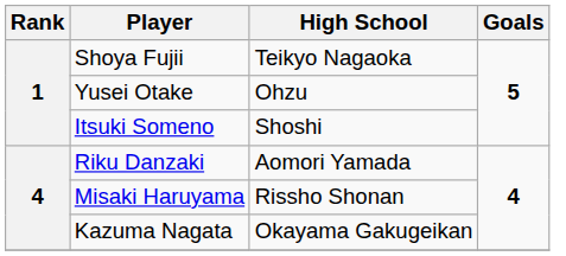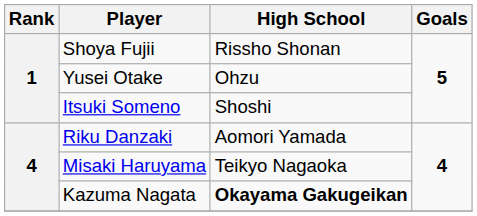 <table class="wikitable" style="text-align:center">
 <tr>
 <th>Rank</th>
 <th>Player</th>
 <th>High School</th>
 <th>Goals</th>
 </tr>
 <tr>
 <th rowspan=3>1</th>
 <td align="left"> Shoya Fujii</td>
-<td align="left">Teikyo Nagaoka</td>
+<td align="left">Rissho Shonan</td>
 <td rowspan=3><strong>5</strong></td>
 </tr>
 <tr>
 <td align="left"> Yusei Otake</td>
 <td align="left">Ohzu</td>
 </tr>
 <tr>
 <td align="left"> <a href='#'>Itsuki Someno</a></td>
 <td align="left">Shoshi</td>
 </tr>
 <tr>
 <th rowspan=3>4</th>
 <td align="left"> <a href='#'>Riku Danzaki</a></td>
 <td align="left">Aomori Yamada</td>
 <td rowspan=3><strong>4</strong></td>
 </tr>
 <tr>
 <td align="left"> <a href='#'>Misaki Haruyama</a></td>
-<td align="left">Rissho Shonan</td>
+<td align="left">Teikyo Nagaoka</td>
 </tr>
 <tr>
 <td align="left"> Kazuma Nagata</td>
-<td align="left">Okayama Gakugeikan</td>
+<td align="left"><strong>Okayama Gakugeikan</strong></td>
 </tr>
 <tr>
 </tr>
 </table>
